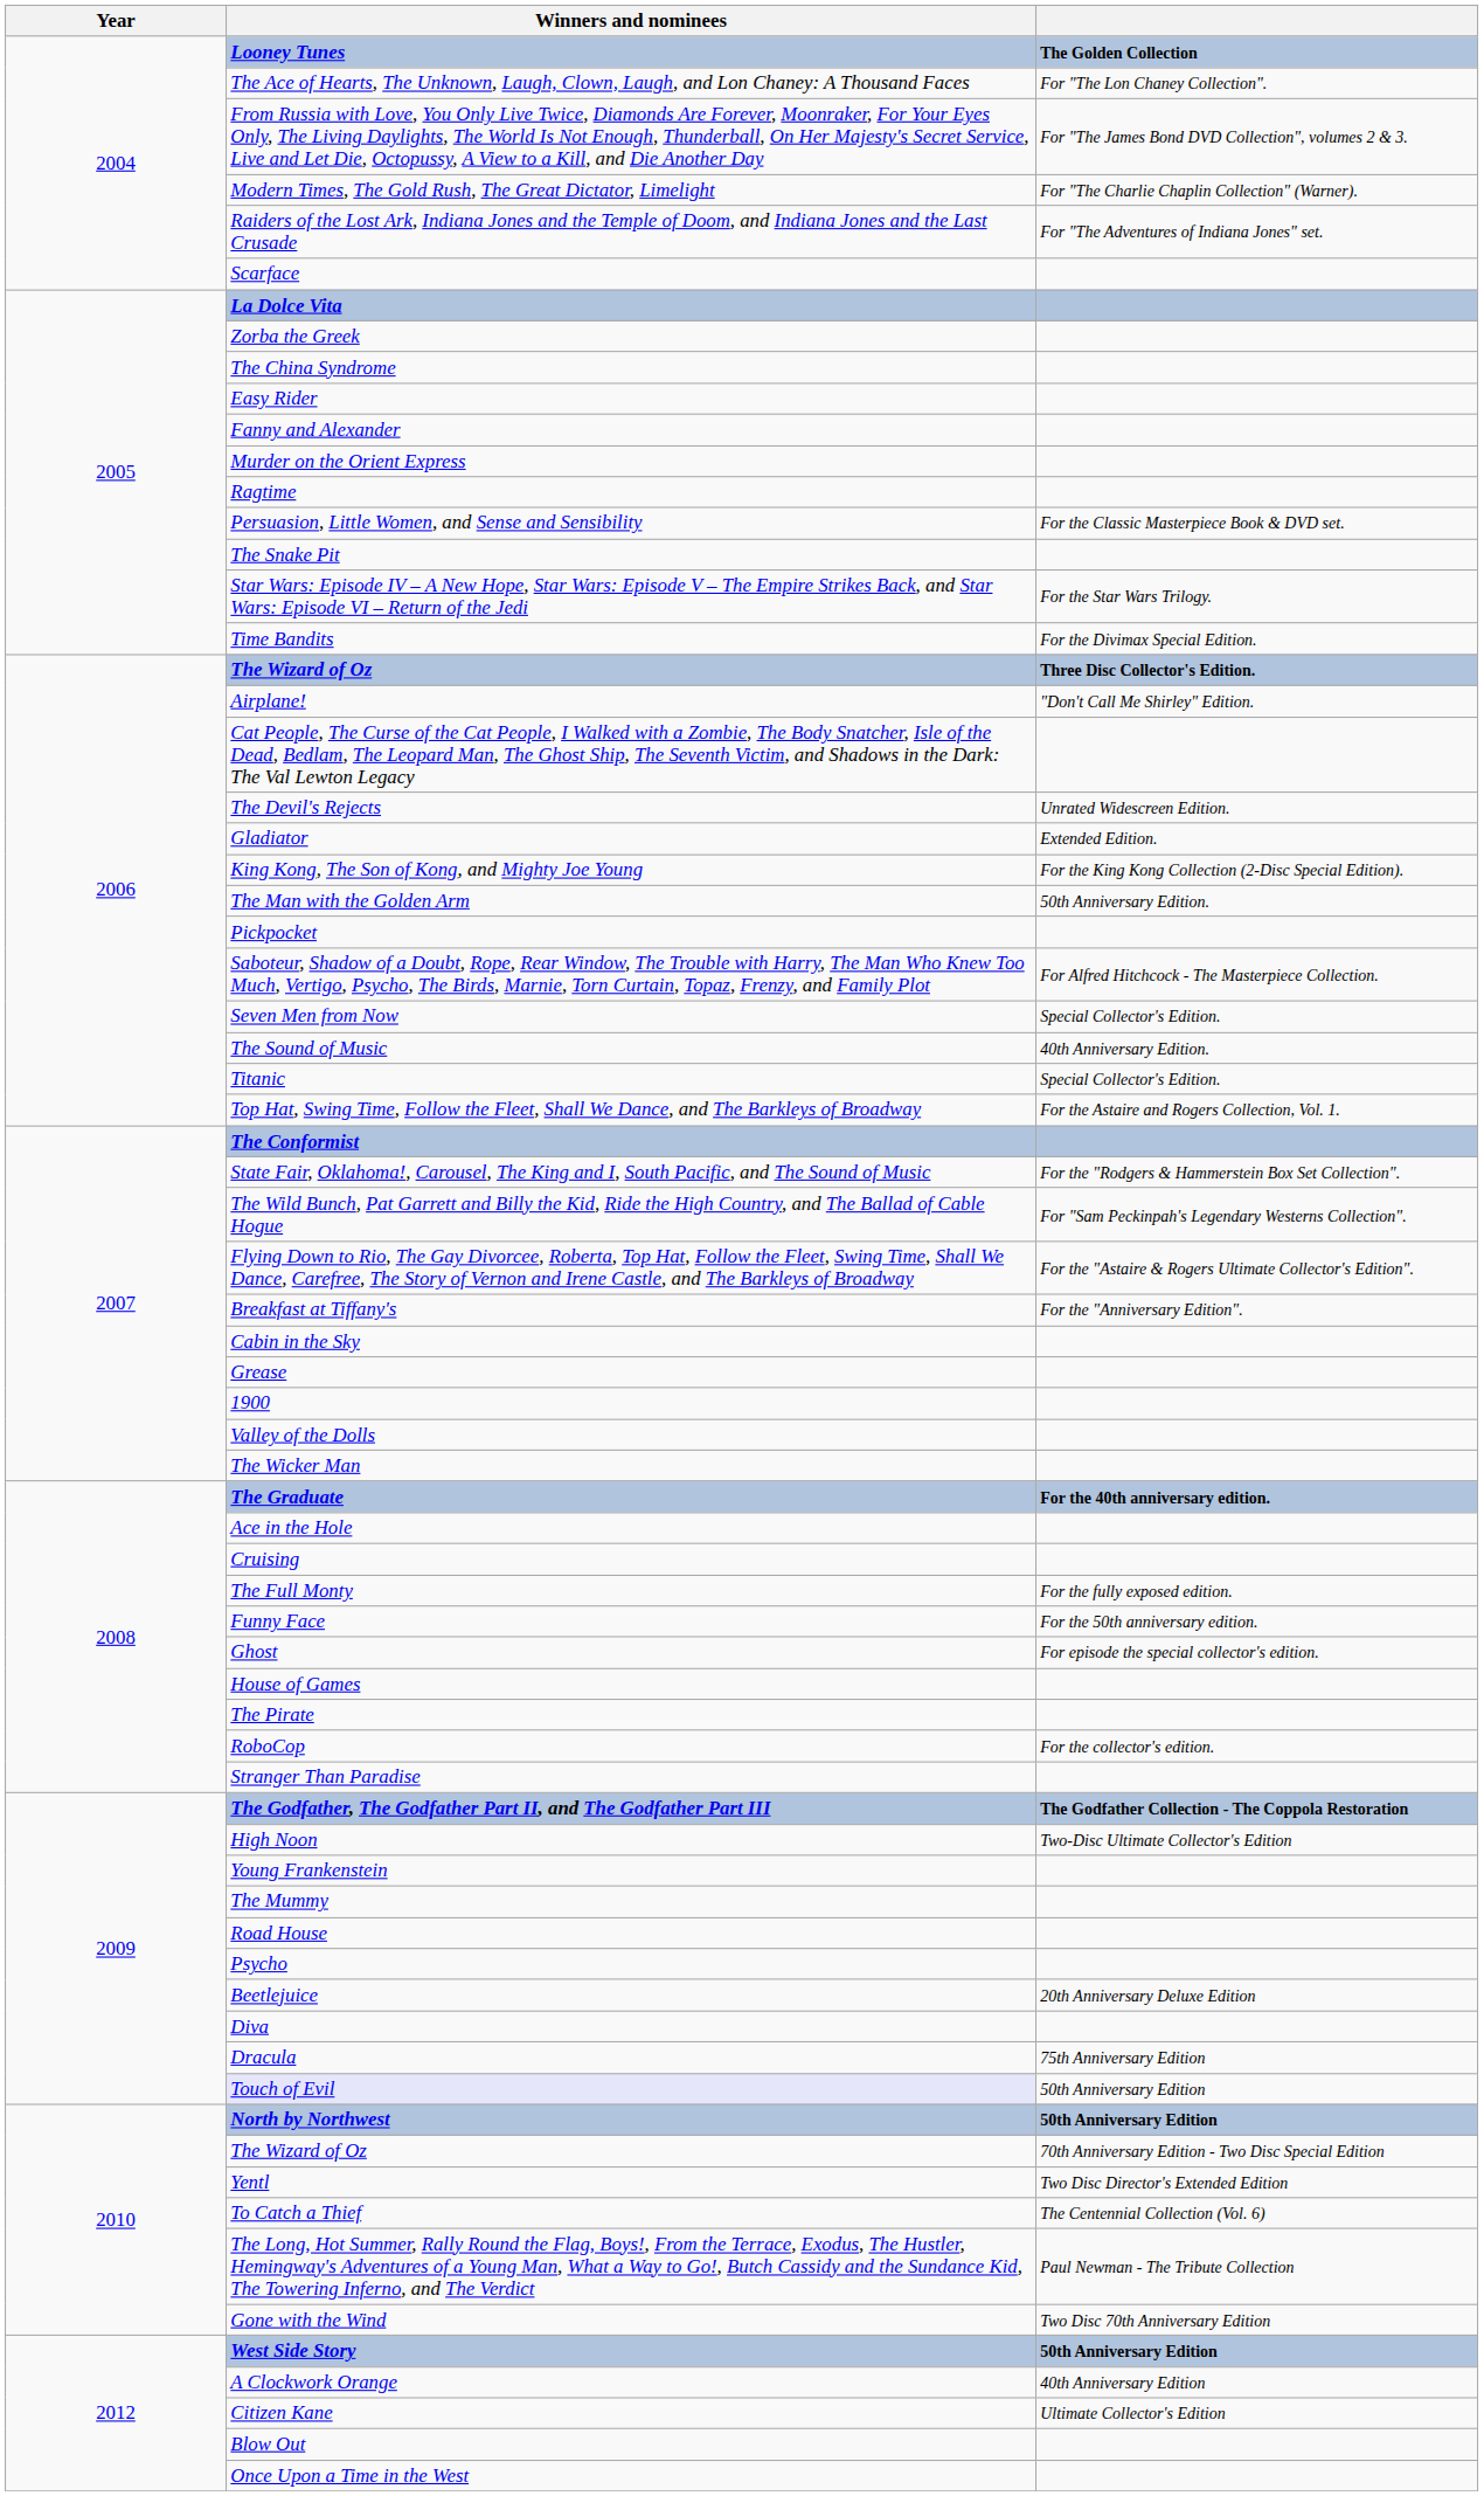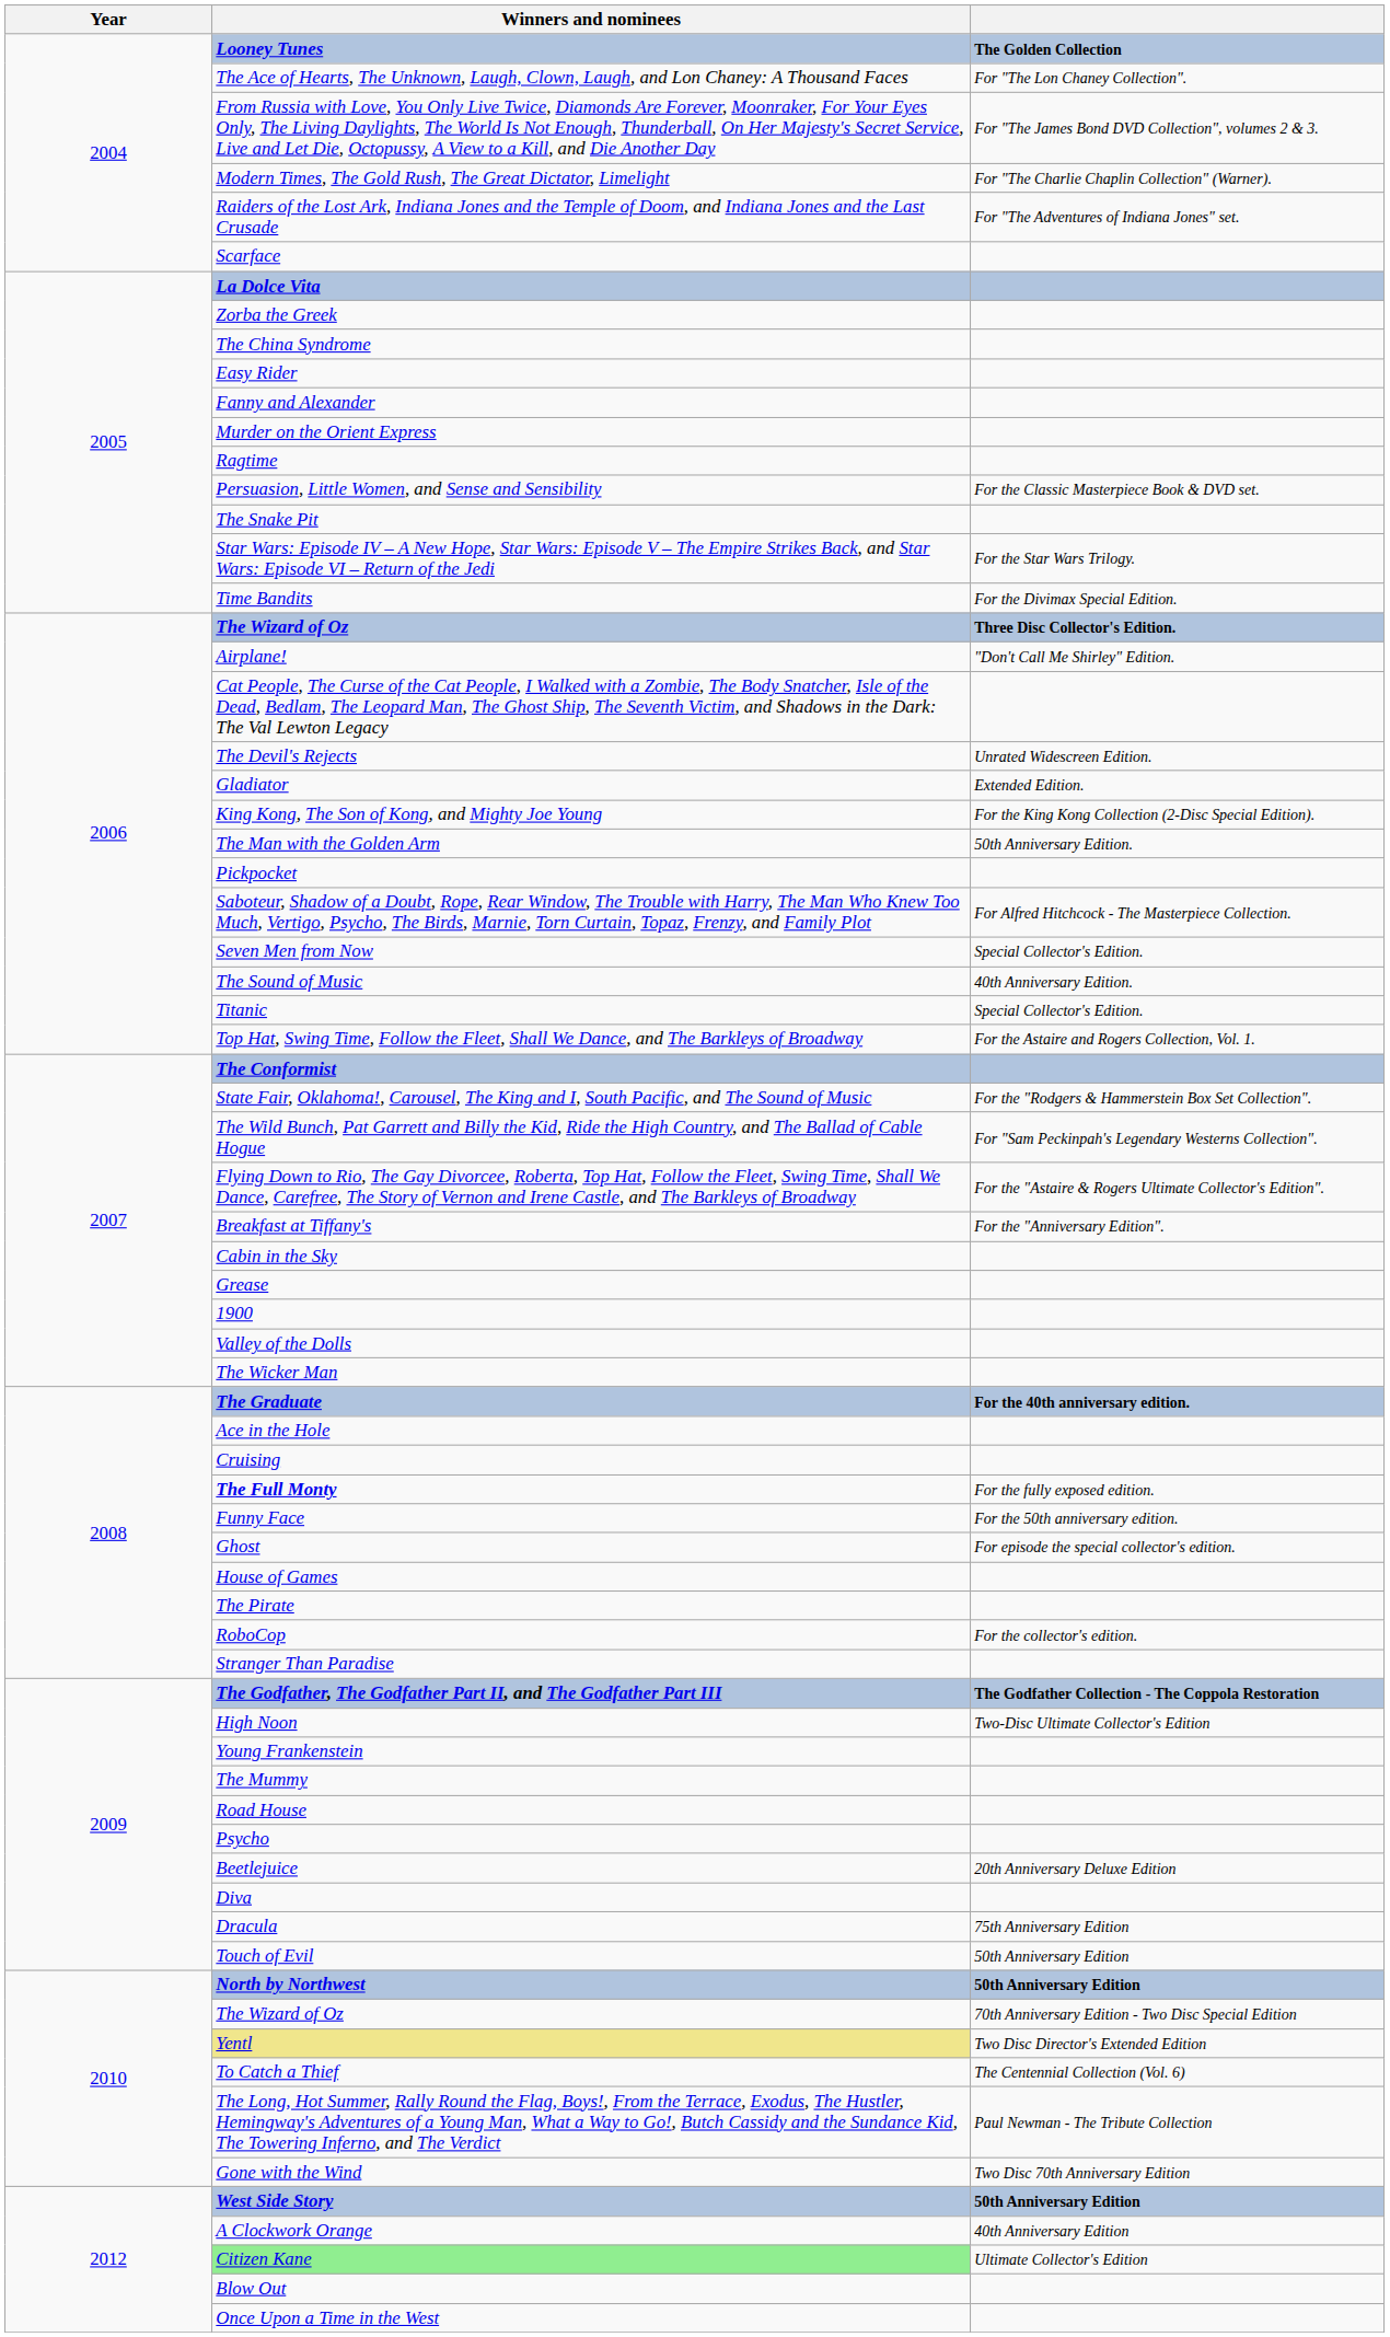 <table class="wikitable" width="95%" cellpadding="5">
 <tr>
 <th width="15%">Year</th>
 <th width="55%">Winners and nominees</th>
 <th width="30%"></th>
 </tr>
 <tr>
 <td rowspan="6" style="text-align:center;"><a href='#'>2004</a></td>
 <td style="background:#B0C4DE;"><strong><em><a href='#'>Looney Tunes</a></em></strong></td>
 <td style="background:#B0C4DE;"><strong><small>The Golden Collection</small></strong></td>
 </tr>
 <tr>
 <td><em><a href='#'>The Ace of Hearts</a>, <a href='#'>The Unknown</a>, <a href='#'>Laugh, Clown, Laugh</a>, and Lon Chaney: A Thousand Faces</em></td>
 <td><em><small>For "The Lon Chaney Collection".</small></em></td>
 </tr>
 <tr>
 <td><em><a href='#'>From Russia with Love</a>, <a href='#'>You Only Live Twice</a>, <a href='#'>Diamonds Are Forever</a>, <a href='#'>Moonraker</a>, <a href='#'>For Your Eyes Only</a>, <a href='#'>The Living Daylights</a>, <a href='#'>The World Is Not Enough</a>, <a href='#'>Thunderball</a>, <a href='#'>On Her Majesty's Secret Service</a>, <a href='#'>Live and Let Die</a>, <a href='#'>Octopussy</a>, <a href='#'>A View to a Kill</a>, and <a href='#'>Die Another Day</a></em></td>
 <td><em><small>For "The James Bond DVD Collection", volumes 2 & 3.</small></em></td>
 </tr>
 <tr>
 <td><em><a href='#'>Modern Times</a>, <a href='#'>The Gold Rush</a>, <a href='#'>The Great Dictator</a>, <a href='#'>Limelight</a></em></td>
 <td><em><small>For "The Charlie Chaplin Collection" (Warner).</small></em></td>
 </tr>
 <tr>
 <td><em><a href='#'>Raiders of the Lost Ark</a>, <a href='#'>Indiana Jones and the Temple of Doom</a>, and <a href='#'>Indiana Jones and the Last Crusade</a></em></td>
 <td><em><small>For "The Adventures of Indiana Jones" set.</small></em></td>
 </tr>
 <tr>
 <td><em><a href='#'>Scarface</a></em></td>
 <td></td>
 </tr>
 <tr>
 <td rowspan="11" style="text-align:center;"><a href='#'>2005</a></td>
 <td style="background:#B0C4DE;"><strong><em><a href='#'>La Dolce Vita</a></em></strong></td>
 <td style="background:#B0C4DE;"></td>
 </tr>
 <tr>
 <td><em><a href='#'>Zorba the Greek</a></em></td>
 <td></td>
 </tr>
 <tr>
 <td><em><a href='#'>The China Syndrome</a></em></td>
 <td></td>
 </tr>
 <tr>
 <td><em><a href='#'>Easy Rider</a></em></td>
 <td></td>
 </tr>
 <tr>
 <td><em><a href='#'>Fanny and Alexander</a></em></td>
 <td></td>
 </tr>
 <tr>
 <td><em><a href='#'>Murder on the Orient Express</a></em></td>
 <td></td>
 </tr>
 <tr>
 <td><em><a href='#'>Ragtime</a></em></td>
 <td></td>
 </tr>
 <tr>
 <td><em><a href='#'>Persuasion</a>, <a href='#'>Little Women</a>, and <a href='#'>Sense and Sensibility</a></em></td>
 <td><em><small>For the Classic Masterpiece Book & DVD set.</small></em></td>
 </tr>
 <tr>
 <td><em><a href='#'>The Snake Pit</a></em></td>
 <td></td>
 </tr>
 <tr>
 <td><em><a href='#'>Star Wars: Episode IV – A New Hope</a>, <a href='#'>Star Wars: Episode V – The Empire Strikes Back</a>, and <a href='#'>Star Wars: Episode VI – Return of the Jedi</a></em></td>
 <td><em><small>For the Star Wars Trilogy.</small></em></td>
 </tr>
 <tr>
 <td><em><a href='#'>Time Bandits</a></em></td>
 <td><em><small>For the Divimax Special Edition.</small></em></td>
 </tr>
 <tr>
 <td rowspan="13" style="text-align:center;"><a href='#'>2006</a></td>
 <td style="background:#B0C4DE;"><strong><em><a href='#'>The Wizard of Oz</a></em></strong></td>
 <td style="background:#B0C4DE;"><strong><small>Three Disc Collector's Edition.</small></strong></td>
 </tr>
 <tr>
 <td><em><a href='#'>Airplane!</a></em></td>
 <td><em><small>"Don't Call Me Shirley" Edition.</small></em></td>
 </tr>
 <tr>
 <td><em><a href='#'>Cat People</a>, <a href='#'>The Curse of the Cat People</a>, <a href='#'>I Walked with a Zombie</a>, <a href='#'>The Body Snatcher</a>, <a href='#'>Isle of the Dead</a>, <a href='#'>Bedlam</a>, <a href='#'>The Leopard Man</a>, <a href='#'>The Ghost Ship</a>, <a href='#'>The Seventh Victim</a>, and Shadows in the Dark: The Val Lewton Legacy</em></td>
 <td></td>
 </tr>
 <tr>
 <td><em><a href='#'>The Devil's Rejects</a></em></td>
 <td><em><small>Unrated Widescreen Edition.</small></em></td>
 </tr>
 <tr>
 <td><em><a href='#'>Gladiator</a></em></td>
 <td><em><small>Extended Edition.</small></em></td>
 </tr>
 <tr>
 <td><em><a href='#'>King Kong</a>, <a href='#'>The Son of Kong</a>, and <a href='#'>Mighty Joe Young</a></em></td>
 <td><em><small>For the King Kong Collection (2-Disc Special Edition).</small></em></td>
 </tr>
 <tr>
 <td><em><a href='#'>The Man with the Golden Arm</a></em></td>
 <td><em><small>50th Anniversary Edition.</small></em></td>
 </tr>
 <tr>
 <td><em><a href='#'>Pickpocket</a></em></td>
 <td></td>
 </tr>
 <tr>
 <td><em><a href='#'>Saboteur</a>, <a href='#'>Shadow of a Doubt</a>, <a href='#'>Rope</a>, <a href='#'>Rear Window</a>, <a href='#'>The Trouble with Harry</a>, <a href='#'>The Man Who Knew Too Much</a>, <a href='#'>Vertigo</a>, <a href='#'>Psycho</a>, <a href='#'>The Birds</a>, <a href='#'>Marnie</a>, <a href='#'>Torn Curtain</a>, <a href='#'>Topaz</a>, <a href='#'>Frenzy</a>, and <a href='#'>Family Plot</a></em></td>
 <td><em><small>For Alfred Hitchcock - The Masterpiece Collection.</small></em></td>
 </tr>
 <tr>
 <td><em><a href='#'>Seven Men from Now</a></em></td>
 <td><em><small>Special Collector's Edition.</small></em></td>
 </tr>
 <tr>
 <td><em><a href='#'>The Sound of Music</a></em></td>
 <td><em><small>40th Anniversary Edition.</small></em></td>
 </tr>
 <tr>
 <td><em><a href='#'>Titanic</a></em></td>
 <td><em><small>Special Collector's Edition.</small></em></td>
 </tr>
 <tr>
 <td><em><a href='#'>Top Hat</a>, <a href='#'>Swing Time</a>, <a href='#'>Follow the Fleet</a>, <a href='#'>Shall We Dance</a>, and <a href='#'>The Barkleys of Broadway</a></em></td>
 <td><em><small>For the Astaire and Rogers Collection, Vol. 1.</small></em></td>
 </tr>
 <tr>
 <td rowspan="10" style="text-align:center;"><a href='#'>2007</a></td>
 <td style="background:#B0C4DE;"><strong><em><a href='#'>The Conformist</a></em></strong></td>
 <td style="background:#B0C4DE;"></td>
 </tr>
 <tr>
 <td><em><a href='#'>State Fair</a>, <a href='#'>Oklahoma!</a>, <a href='#'>Carousel</a>, <a href='#'>The King and I</a>, <a href='#'>South Pacific</a>, and <a href='#'>The Sound of Music</a></em></td>
 <td><em><small>For the "Rodgers & Hammerstein Box Set Collection".</small></em></td>
 </tr>
 <tr>
 <td><em><a href='#'>The Wild Bunch</a>, <a href='#'>Pat Garrett and Billy the Kid</a>, <a href='#'>Ride the High Country</a>, and <a href='#'>The Ballad of Cable Hogue</a></em></td>
 <td><em><small>For "Sam Peckinpah's Legendary Westerns Collection".</small></em></td>
 </tr>
 <tr>
 <td><em><a href='#'>Flying Down to Rio</a>, <a href='#'>The Gay Divorcee</a>, <a href='#'>Roberta</a>, <a href='#'>Top Hat</a>, <a href='#'>Follow the Fleet</a>, <a href='#'>Swing Time</a>, <a href='#'>Shall We Dance</a>, <a href='#'>Carefree</a>, <a href='#'>The Story of Vernon and Irene Castle</a>, and <a href='#'>The Barkleys of Broadway</a></em></td>
 <td><em><small>For the "Astaire & Rogers Ultimate Collector's Edition".</small></em></td>
 </tr>
 <tr>
 <td><em><a href='#'>Breakfast at Tiffany's</a></em></td>
 <td><em><small>For the "Anniversary Edition".</small></em></td>
 </tr>
 <tr>
 <td><em><a href='#'>Cabin in the Sky</a></em></td>
 <td></td>
 </tr>
 <tr>
 <td><em><a href='#'>Grease</a></em></td>
 <td></td>
 </tr>
 <tr>
 <td><em><a href='#'>1900</a></em></td>
 <td></td>
 </tr>
 <tr>
 <td><em><a href='#'>Valley of the Dolls</a></em></td>
 <td></td>
 </tr>
 <tr>
 <td><em><a href='#'>The Wicker Man</a></em></td>
 <td></td>
 </tr>
 <tr>
 <td rowspan="10" style="text-align:center;"><a href='#'>2008</a></td>
 <td style="background:#B0C4DE;"><strong><em><a href='#'>The Graduate</a></em></strong></td>
 <td style="background:#B0C4DE;"><strong><small>For the 40th anniversary edition.</small></strong></td>
 </tr>
 <tr>
 <td><em><a href='#'>Ace in the Hole</a></em></td>
 <td></td>
 </tr>
 <tr>
 <td><em><a href='#'>Cruising</a></em></td>
 <td></td>
 </tr>
 <tr>
-<td><em><a href='#'>The Full Monty</a></em></td>
+<td><strong><em><a href='#'>The Full Monty</a></em></strong></td>
 <td><em><small>For the fully exposed edition.</small></em></td>
 </tr>
 <tr>
 <td><em><a href='#'>Funny Face</a></em></td>
 <td><em><small>For the 50th anniversary edition.</small></em></td>
 </tr>
 <tr>
 <td><em><a href='#'>Ghost</a></em></td>
 <td><em><small>For episode the special collector's edition.</small></em></td>
 </tr>
 <tr>
 <td><em><a href='#'>House of Games</a></em></td>
 <td></td>
 </tr>
 <tr>
 <td><em><a href='#'>The Pirate</a></em></td>
 <td></td>
 </tr>
 <tr>
 <td><em><a href='#'>RoboCop</a></em></td>
 <td><em><small>For the collector's edition.</small></em></td>
 </tr>
 <tr>
 <td><em><a href='#'>Stranger Than Paradise</a></em></td>
 <td></td>
 </tr>
 <tr>
 <td rowspan="10" style="text-align:center;"><a href='#'>2009</a></td>
 <td style="background:#B0C4DE;"><strong><em><a href='#'>The Godfather</a>, <a href='#'>The Godfather Part II</a>, and <a href='#'>The Godfather Part III</a></em></strong></td>
 <td style="background:#B0C4DE;"><strong><small>The Godfather Collection - The Coppola Restoration</small></strong></td>
 </tr>
 <tr>
 <td><em><a href='#'>High Noon</a></em></td>
 <td><em><small>Two-Disc Ultimate Collector's Edition</small></em></td>
 </tr>
 <tr>
 <td><em><a href='#'>Young Frankenstein</a></em></td>
 <td></td>
 </tr>
 <tr>
 <td><em><a href='#'>The Mummy</a></em></td>
 <td></td>
 </tr>
 <tr>
 <td><em><a href='#'>Road House</a></em></td>
 <td></td>
 </tr>
 <tr>
 <td><em><a href='#'>Psycho</a></em></td>
 <td></td>
 </tr>
 <tr>
 <td><em><a href='#'>Beetlejuice</a></em></td>
 <td><em><small>20th Anniversary Deluxe Edition</small></em></td>
 </tr>
 <tr>
 <td><em><a href='#'>Diva</a></em></td>
 <td></td>
 </tr>
 <tr>
 <td><em><a href='#'>Dracula</a></em></td>
 <td><em><small>75th Anniversary Edition</small></em></td>
 </tr>
 <tr>
-<td style="background: lavender;"><em><a href='#'>Touch of Evil</a></em></td>
+<td><em><a href='#'>Touch of Evil</a></em></td>
 <td><em><small>50th Anniversary Edition</small></em></td>
 </tr>
 <tr>
 <td rowspan="6" style="text-align:center;"><a href='#'>2010</a></td>
 <td style="background:#B0C4DE;"><strong><em><a href='#'>North by Northwest</a></em></strong></td>
 <td style="background:#B0C4DE;"><strong><small>50th Anniversary Edition</small></strong></td>
 </tr>
 <tr>
 <td><em><a href='#'>The Wizard of Oz</a></em></td>
 <td><em><small>70th Anniversary Edition - Two Disc Special Edition</small></em></td>
 </tr>
 <tr>
-<td><em><a href='#'>Yentl</a></em></td>
+<td style="background: khaki;"><em><a href='#'>Yentl</a></em></td>
 <td><em><small>Two Disc Director's Extended Edition</small></em></td>
 </tr>
 <tr>
 <td><em><a href='#'>To Catch a Thief</a></em></td>
 <td><em><small>The Centennial Collection (Vol. 6)</small></em></td>
 </tr>
 <tr>
 <td><em><a href='#'>The Long, Hot Summer</a>, <a href='#'>Rally Round the Flag, Boys!</a>, <a href='#'>From the Terrace</a>, <a href='#'>Exodus</a>, <a href='#'>The Hustler</a>, <a href='#'>Hemingway's Adventures of a Young Man</a>, <a href='#'>What a Way to Go!</a>, <a href='#'>Butch Cassidy and the Sundance Kid</a>, <a href='#'>The Towering Inferno</a>, and <a href='#'>The Verdict</a></em></td>
 <td><em><small>Paul Newman - The Tribute Collection</small></em></td>
 </tr>
 <tr>
 <td><em><a href='#'>Gone with the Wind</a></em></td>
 <td><em><small>Two Disc 70th Anniversary Edition</small></em></td>
 </tr>
 <tr>
 <td rowspan="5" style="text-align:center;"><a href='#'>2012</a></td>
 <td style="background:#B0C4DE;"><strong><em><a href='#'>West Side Story</a></em></strong></td>
 <td style="background:#B0C4DE;"><strong><small>50th Anniversary Edition</small></strong></td>
 </tr>
 <tr>
 <td><em><a href='#'>A Clockwork Orange</a></em></td>
 <td><em><small>40th Anniversary Edition</small></em></td>
 </tr>
 <tr>
-<td><em><a href='#'>Citizen Kane</a></em></td>
+<td style="background: lightgreen;"><em><a href='#'>Citizen Kane</a></em></td>
 <td><em><small>Ultimate Collector's Edition</small></em></td>
 </tr>
 <tr>
 <td><em><a href='#'>Blow Out</a></em></td>
 <td></td>
 </tr>
 <tr>
 <td><em><a href='#'>Once Upon a Time in the West</a></em></td>
 <td></td>
 </tr>
 </table>
